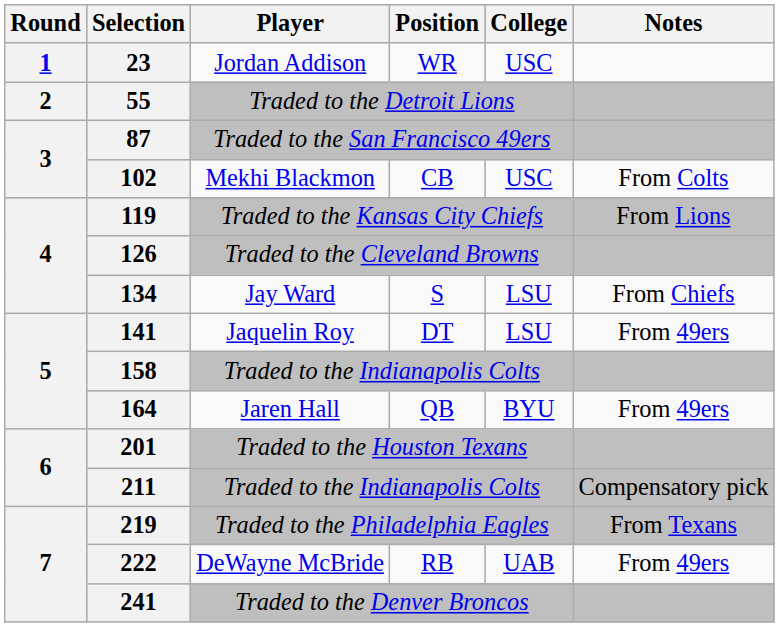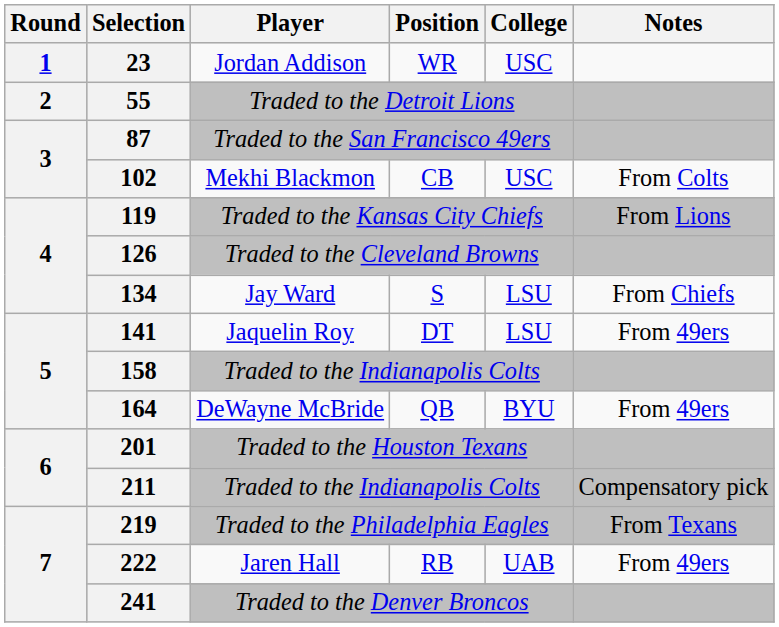 <table class="wikitable" style="text-align:center">
 <tr>
 <th>Round</th>
 <th>Selection</th>
 <th>Player</th>
 <th>Position</th>
 <th>College</th>
 <th>Notes</th>
 </tr>
 <tr>
 <th><a href='#'>1</a></th>
 <th>23</th>
 <td><a href='#'>Jordan Addison</a></td>
 <td><a href='#'>WR</a></td>
 <td><a href='#'>USC</a></td>
 <td></td>
 </tr>
 <tr>
 <th>2</th>
 <th>55</th>
 <td colspan="3" style="background:#BFBFBF"><em>Traded to the <a href='#'>Detroit Lions</a></em></td>
 <td style="background:#BFBFBF"></td>
 </tr>
 <tr>
 <th rowspan="2">3</th>
 <th>87</th>
 <td colspan="3" style="background:#BFBFBF"><em>Traded to the <a href='#'>San Francisco 49ers</a></em></td>
 <td style="background:#BFBFBF"></td>
 </tr>
 <tr>
 <th>102</th>
 <td><a href='#'>Mekhi Blackmon</a></td>
 <td><a href='#'>CB</a></td>
 <td><a href='#'>USC</a></td>
 <td>From <a href='#'>Colts</a></td>
 </tr>
 <tr>
 <th rowspan="3">4</th>
 <th>119</th>
 <td colspan="3" style="background:#BFBFBF"><em>Traded to the <a href='#'>Kansas City Chiefs</a></em></td>
 <td style="background:#BFBFBF">From <a href='#'>Lions</a></td>
 </tr>
 <tr>
 <th>126</th>
 <td colspan="3" style="background:#BFBFBF"><em>Traded to the <a href='#'>Cleveland Browns</a></em></td>
 <td style="background:#BFBFBF"></td>
 </tr>
 <tr>
 <th>134</th>
 <td><a href='#'>Jay Ward</a></td>
 <td><a href='#'>S</a></td>
 <td><a href='#'>LSU</a></td>
 <td>From <a href='#'>Chiefs</a></td>
 </tr>
 <tr>
 <th rowspan="3">5</th>
 <th>141</th>
 <td><a href='#'>Jaquelin Roy</a></td>
 <td><a href='#'>DT</a></td>
 <td><a href='#'>LSU</a></td>
 <td>From <a href='#'>49ers</a></td>
 </tr>
 <tr>
 <th>158</th>
 <td colspan="3" style="background:#BFBFBF"><em>Traded to the <a href='#'>Indianapolis Colts</a></em></td>
 <td style="background:#BFBFBF"></td>
 </tr>
 <tr>
 <th>164</th>
-<td><a href='#'>Jaren Hall</a></td>
+<td><a href='#'>DeWayne McBride</a></td>
 <td><a href='#'>QB</a></td>
 <td><a href='#'>BYU</a></td>
 <td>From <a href='#'>49ers</a></td>
 </tr>
 <tr>
 <th rowspan="2">6</th>
 <th>201</th>
 <td colspan="3" style="background:#BFBFBF"><em>Traded to the <a href='#'>Houston Texans</a></em></td>
 <td style="background:#BFBFBF"></td>
 </tr>
 <tr>
 <th>211</th>
 <td colspan="3" style="background:#BFBFBF"><em>Traded to the <a href='#'>Indianapolis Colts</a></em></td>
 <td style="background:#BFBFBF">Compensatory pick</td>
 </tr>
 <tr>
 <th rowspan="3">7</th>
 <th>219</th>
 <td colspan="3" style="background:#BFBFBF"><em>Traded to the <a href='#'>Philadelphia Eagles</a></em></td>
 <td style="background:#BFBFBF">From <a href='#'>Texans</a></td>
 </tr>
 <tr>
 <th>222</th>
-<td><a href='#'>DeWayne McBride</a></td>
+<td><a href='#'>Jaren Hall</a></td>
 <td><a href='#'>RB</a></td>
 <td><a href='#'>UAB</a></td>
 <td>From <a href='#'>49ers</a></td>
 </tr>
 <tr>
 <th>241</th>
 <td colspan="3" style="background:#BFBFBF"><em>Traded to the <a href='#'>Denver Broncos</a></em></td>
 <td style="background:#BFBFBF"></td>
 </tr>
 </table>
